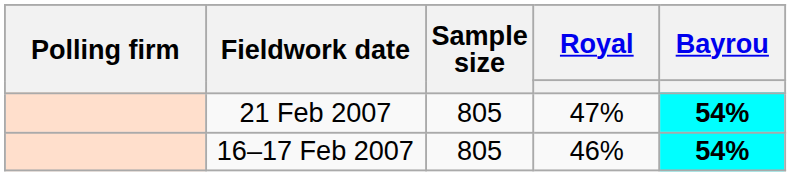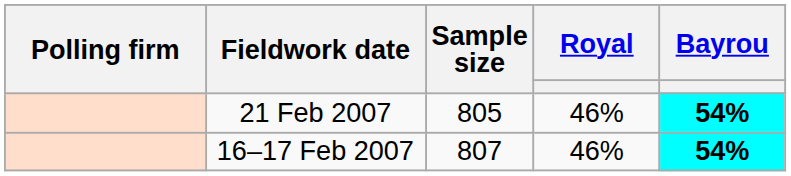 <table class="wikitable sortable" style="text-align:center;font-size:90%;line-height:14px;">
 <tr style="height:40px;">
 <th style="width:100px;" rowspan="2">Polling firm</th>
 <th style="width:110px;" rowspan="2">Fieldwork date</th>
 <th style="width:35px;" rowspan="2">Sample<br>size</th>
 <th class="unsortable" style="width:60px;"><a href='#'>Royal</a><br></th>
 <th class="unsortable" style="width:60px;"><a href='#'>Bayrou</a><br></th>
 </tr>
 <tr>
 <th style="background:"></th>
 <th style="background:"></th>
 </tr>
 <tr>
 <td style="background:#FFDFCC;"></td>
 <td data-sort-value="2007-02-21">21 Feb 2007</td>
 <td>805</td>
-<td>47%</td>
+<td>46%</td>
 <td style="background:#00FFFF;"><strong>54%</strong></td>
 </tr>
 <tr>
 <td style="background:#FFDFCC;"></td>
 <td data-sort-value="2007-02-17">16–17 Feb 2007</td>
-<td>805</td>
+<td>807</td>
 <td>46%</td>
 <td style="background:#00FFFF;"><strong>54%</strong></td>
 </tr>
 </table>
